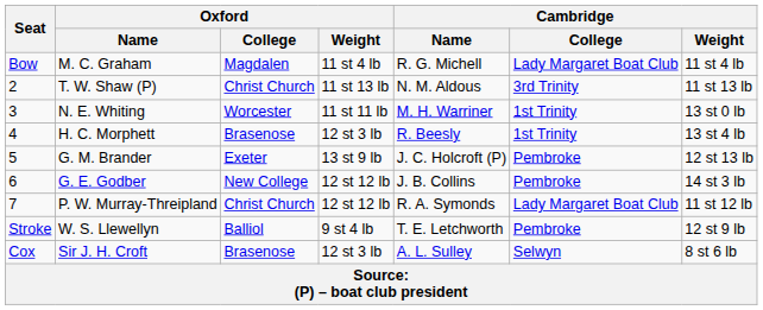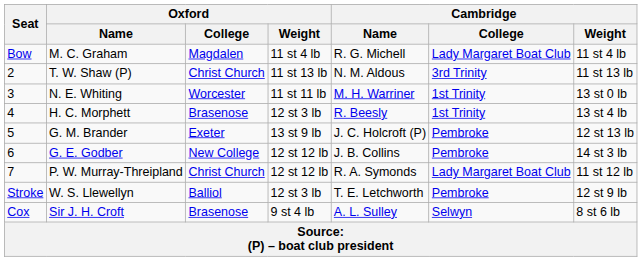 <table class="wikitable">
 <tr>
 <th rowspan="2" scope="col">Seat</th>
 <th colspan="3" scope="col">Oxford <br> </th>
 <th colspan="3" scope="col">Cambridge <br> </th>
 </tr>
 <tr>
 <th>Name</th>
 <th>College</th>
 <th>Weight</th>
 <th>Name</th>
 <th>College</th>
 <th>Weight</th>
 </tr>
 <tr>
 <td><a href='#'>Bow</a></td>
 <td>M. C. Graham</td>
 <td><a href='#'>Magdalen</a></td>
 <td>11 st 4 lb</td>
 <td>R. G. Michell</td>
 <td><a href='#'>Lady Margaret Boat Club</a></td>
 <td>11 st 4 lb</td>
 </tr>
 <tr>
 <td>2</td>
 <td>T. W. Shaw (P)</td>
 <td><a href='#'>Christ Church</a></td>
 <td>11 st 13 lb</td>
 <td>N. M. Aldous</td>
 <td><a href='#'>3rd Trinity</a></td>
 <td>11 st 13 lb</td>
 </tr>
 <tr>
 <td>3</td>
 <td>N. E. Whiting</td>
 <td><a href='#'>Worcester</a></td>
 <td>11 st 11 lb</td>
 <td><a href='#'>M. H. Warriner</a></td>
 <td><a href='#'>1st Trinity</a></td>
 <td>13 st 0 lb</td>
 </tr>
 <tr>
 <td>4</td>
 <td>H. C. Morphett</td>
 <td><a href='#'>Brasenose</a></td>
 <td>12 st 3 lb</td>
 <td><a href='#'>R. Beesly</a></td>
 <td><a href='#'>1st Trinity</a></td>
 <td>13 st 4 lb</td>
 </tr>
 <tr>
 <td>5</td>
 <td>G. M. Brander</td>
 <td><a href='#'>Exeter</a></td>
 <td>13 st 9 lb</td>
 <td>J. C. Holcroft (P)</td>
 <td><a href='#'>Pembroke</a></td>
 <td>12 st 13 lb</td>
 </tr>
 <tr>
 <td>6</td>
 <td><a href='#'>G. E. Godber</a></td>
 <td><a href='#'>New College</a></td>
 <td>12 st 12 lb</td>
 <td>J. B. Collins</td>
 <td><a href='#'>Pembroke</a></td>
 <td>14 st 3 lb</td>
 </tr>
 <tr>
 <td>7</td>
 <td>P. W. Murray-Threipland</td>
 <td><a href='#'>Christ Church</a></td>
 <td>12 st 12 lb</td>
 <td>R. A. Symonds</td>
 <td><a href='#'>Lady Margaret Boat Club</a></td>
 <td>11 st 12 lb</td>
 </tr>
 <tr>
 <td><a href='#'>Stroke</a></td>
 <td>W. S. Llewellyn</td>
 <td><a href='#'>Balliol</a></td>
-<td>9 st 4 lb</td>
+<td>12 st 3 lb</td>
 <td>T. E. Letchworth</td>
 <td><a href='#'>Pembroke</a></td>
 <td>12 st 9 lb</td>
 </tr>
 <tr>
 <td><a href='#'>Cox</a></td>
 <td><a href='#'>Sir J. H. Croft</a></td>
 <td><a href='#'>Brasenose</a></td>
-<td>12 st 3 lb</td>
+<td>9 st 4 lb</td>
 <td><a href='#'>A. L. Sulley</a></td>
 <td><a href='#'>Selwyn</a></td>
 <td>8 st 6 lb</td>
 </tr>
 <tr>
 <th colspan="7">Source:<br>(P) – boat club president</th>
 </tr>
 </table>
